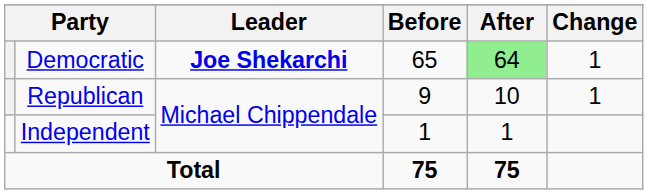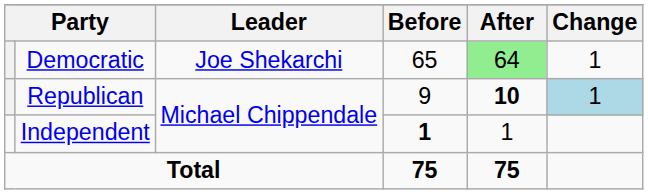 <table class="wikitable" style="text-align:center;">
 <tr>
 </tr>
 <tr>
 <th colspan="2">Party</th>
 <th>Leader</th>
 <th style="width:3em">Before</th>
 <th style="width:3em">After</th>
 <th style="width:3em">Change</th>
 </tr>
 <tr>
 <th style="background-color:"></th>
 <td><a href='#'>Democratic</a></td>
-<td><strong><a href='#'>Joe Shekarchi</a></strong></td>
+<td><a href='#'>Joe Shekarchi</a></td>
 <td>65</td>
 <td style="background: lightgreen;">64</td>
 <td> 1</td>
 </tr>
 <tr>
 <th style="background-color:"></th>
 <td><a href='#'>Republican</a></td>
 <td rowspan="2"><a href='#'>Michael Chippendale</a></td>
 <td>9</td>
-<td>10</td>
-<td> 1</td>
+<td><strong>10</strong></td>
+<td style="background: lightblue;"> 1</td>
 </tr>
 <tr>
 <td style="background-color:"></td>
 <td><a href='#'>Independent</a></td>
-<td>1</td>
+<td><strong>1</strong></td>
 <td>1</td>
 <td></td>
 </tr>
 <tr>
 <td colspan="3"><strong>Total</strong></td>
 <td><strong>75</strong></td>
 <td><strong>75</strong></td>
 <td></td>
 </tr>
 </table>
